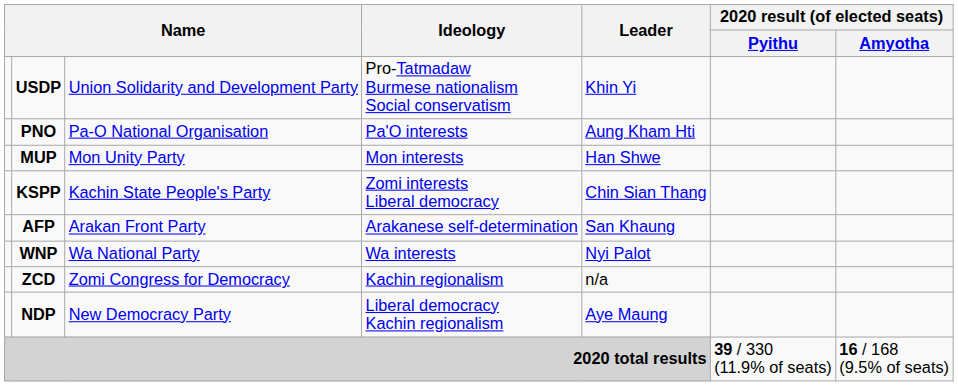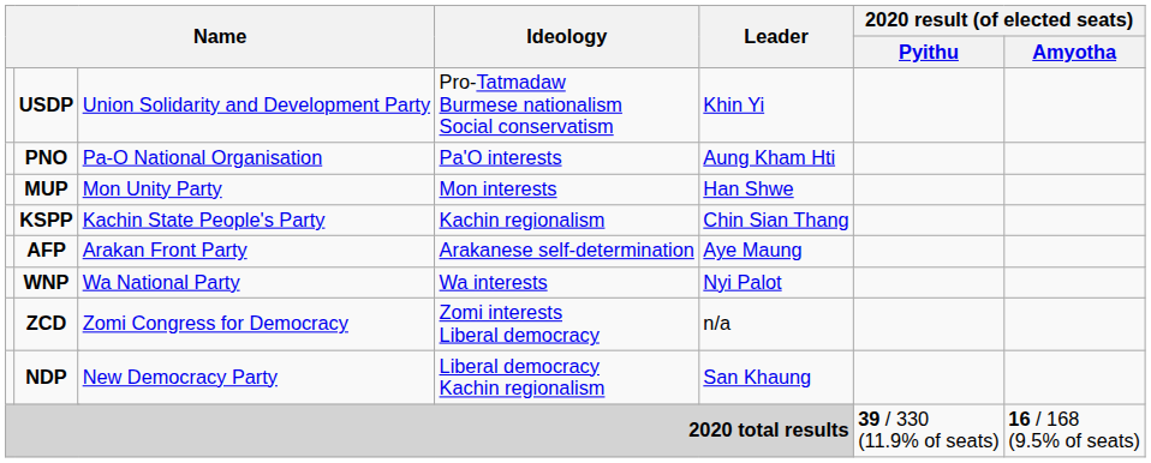 <table class="wikitable">
 <tr>
 <th colspan="4" rowspan="2">Name</th>
 <th rowspan="2">Ideology</th>
 <th rowspan="2">Leader</th>
 <th colspan="2">2020 result (of elected seats)</th>
 </tr>
 <tr>
 <th><a href='#'>Pyithu</a></th>
 <th><a href='#'>Amyotha</a></th>
 </tr>
 <tr>
 <td style="background:"></td>
 <td colspan="2" style="text-align:center;"><strong>USDP</strong></td>
 <td><a href='#'>Union Solidarity and Development Party</a><br></td>
 <td>Pro-<a href='#'>Tatmadaw</a><br><a href='#'>Burmese nationalism</a><br><a href='#'>Social conservatism</a></td>
 <td><a href='#'>Khin Yi</a></td>
 <td></td>
 <td></td>
 </tr>
 <tr>
 <td style="background:"></td>
 <td colspan="2" style="text-align:center;"><strong>PNO</strong></td>
 <td><a href='#'>Pa-O National Organisation</a><br></td>
 <td><a href='#'>Pa'O interests</a></td>
 <td><a href='#'>Aung Kham Hti</a></td>
 <td></td>
 <td></td>
 </tr>
 <tr>
 <td style="background:"></td>
 <td colspan="2" style="text-align:center;"><strong>MUP</strong></td>
 <td><a href='#'>Mon Unity Party</a><br></td>
 <td><a href='#'>Mon interests</a></td>
 <td><a href='#'>Han Shwe</a></td>
 <td></td>
 <td></td>
 </tr>
 <tr>
 <td style="background:"></td>
 <td colspan="2" style="text-align:center;"><strong>KSPP</strong></td>
 <td><a href='#'>Kachin State People's Party</a><br></td>
-<td><a href='#'>Zomi interests</a><br><a href='#'>Liberal democracy</a></td>
+<td><a href='#'>Kachin regionalism</a></td>
 <td><a href='#'>Chin Sian Thang</a></td>
 <td></td>
 <td></td>
 </tr>
 <tr>
 <td style="background:"></td>
 <td colspan="2" style="text-align:center;"><strong>AFP</strong></td>
 <td><a href='#'>Arakan Front Party</a><br></td>
 <td><a href='#'>Arakanese self-determination</a></td>
-<td><a href='#'>San Khaung</a></td>
+<td><a href='#'>Aye Maung</a></td>
 <td></td>
 <td></td>
 </tr>
 <tr>
 <td style="background:"></td>
 <td colspan="2" style="text-align:center;"><strong>WNP</strong></td>
 <td><a href='#'>Wa National Party</a><br></td>
 <td><a href='#'>Wa interests</a></td>
 <td><a href='#'>Nyi Palot</a></td>
 <td></td>
 <td></td>
 </tr>
 <tr>
 <td style="background:"></td>
 <td colspan="2" style="text-align:center;"><strong>ZCD</strong></td>
 <td><a href='#'>Zomi Congress for Democracy</a><br></td>
-<td><a href='#'>Kachin regionalism</a></td>
+<td><a href='#'>Zomi interests</a><br><a href='#'>Liberal democracy</a></td>
 <td>n/a</td>
 <td></td>
 <td></td>
 </tr>
 <tr>
 <td style="background:"></td>
 <td colspan="2" style="text-align:center;"><strong>NDP</strong></td>
 <td><a href='#'>New Democracy Party</a><br></td>
 <td><a href='#'>Liberal democracy</a><br><a href='#'>Kachin regionalism</a></td>
-<td><a href='#'>Aye Maung</a></td>
+<td><a href='#'>San Khaung</a></td>
 <td></td>
 <td></td>
 </tr>
 <tr>
 <td style="text-align:right; background:#d3d3d3" colspan=6><strong>2020 total results</strong></td>
 <td><strong>39</strong> / 330<br>(11.9% of seats)</td>
 <td><strong>16</strong> / 168<br>(9.5% of seats)</td>
 </tr>
 </table>
